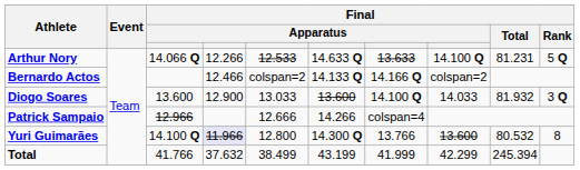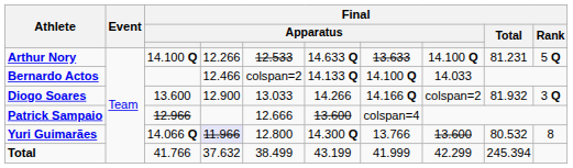 <table class="wikitable" style="font-size:90%">
 <tr>
 <th rowspan=3>Athlete</th>
 <th rowspan=3>Event</th>
 <th colspan=8>Final</th>
 </tr>
 <tr style="font-size:95%">
 <th colspan=6>Apparatus</th>
 <th rowspan=2>Total</th>
 <th rowspan=2>Rank</th>
 </tr>
 <tr style="font-size:95%">
 <th></th>
 <th></th>
 <th></th>
 <th></th>
 <th></th>
 <th></th>
 </tr>
 <tr align=center>
 <td align=left><strong><a href='#'>Arthur Nory</a></strong></td>
 <td style="text-align:left;" rowspan="6"><a href='#'>Team</a></td>
-<td>14.066 <strong>Q</strong></td>
+<td>14.100 <strong>Q</strong></td>
 <td>12.266</td>
 <td><s>12.533</s></td>
 <td>14.633 <strong>Q</strong></td>
 <td><s>13.633</s></td>
 <td>14.100 <strong>Q</strong></td>
 <td>81.231</td>
 <td>5 <strong>Q</strong></td>
 </tr>
 <tr align=center>
 <td align=left><strong><a href='#'>Bernardo Actos</a></strong></td>
 <td></td>
 <td>12.466</td>
 <td>colspan=2 </td>
 <td>14.133 <strong>Q</strong></td>
-<td>14.166 <strong>Q</strong></td>
-<td>colspan=2 </td>
+<td>14.100 <strong>Q</strong></td>
+<td>14.033</td>
 </tr>
 <tr align=center>
 <td align=left><strong><a href='#'>Diogo Soares</a></strong></td>
 <td>13.600</td>
 <td>12.900</td>
 <td>13.033</td>
-<td><s>13.600</s></td>
-<td>14.100 <strong>Q</strong></td>
-<td>14.033</td>
+<td>14.266</td>
+<td>14.166 <strong>Q</strong></td>
+<td>colspan=2 </td>
 <td>81.932</td>
 <td>3 <strong>Q</strong></td>
 </tr>
 <tr align=center>
 <td align=left><strong><a href='#'>Patrick Sampaio</a></strong></td>
 <td><s>12.966</s></td>
 <td></td>
 <td>12.666</td>
-<td>14.266</td>
+<td><s>13.600</s></td>
 <td>colspan=4 </td>
 </tr>
 <tr align=center>
 <td align=left><strong><a href='#'>Yuri Guimarães</a></strong></td>
-<td>14.100 <strong>Q</strong></td>
+<td>14.066 <strong>Q</strong></td>
 <td style="background: lavender;"><s>11.966</s></td>
 <td>12.800</td>
 <td>14.300 <strong>Q</strong></td>
 <td>13.766</td>
 <td><s>13.600</s></td>
 <td>80.532</td>
 <td>8</td>
 </tr>
 <tr align=center>
 <td align=left><strong>Total</strong></td>
 <td>41.766</td>
 <td>37.632</td>
 <td>38.499</td>
 <td>43.199</td>
 <td>41.999</td>
 <td>42.299</td>
 <td>245.394</td>
 <td></td>
 </tr>
 </table>
